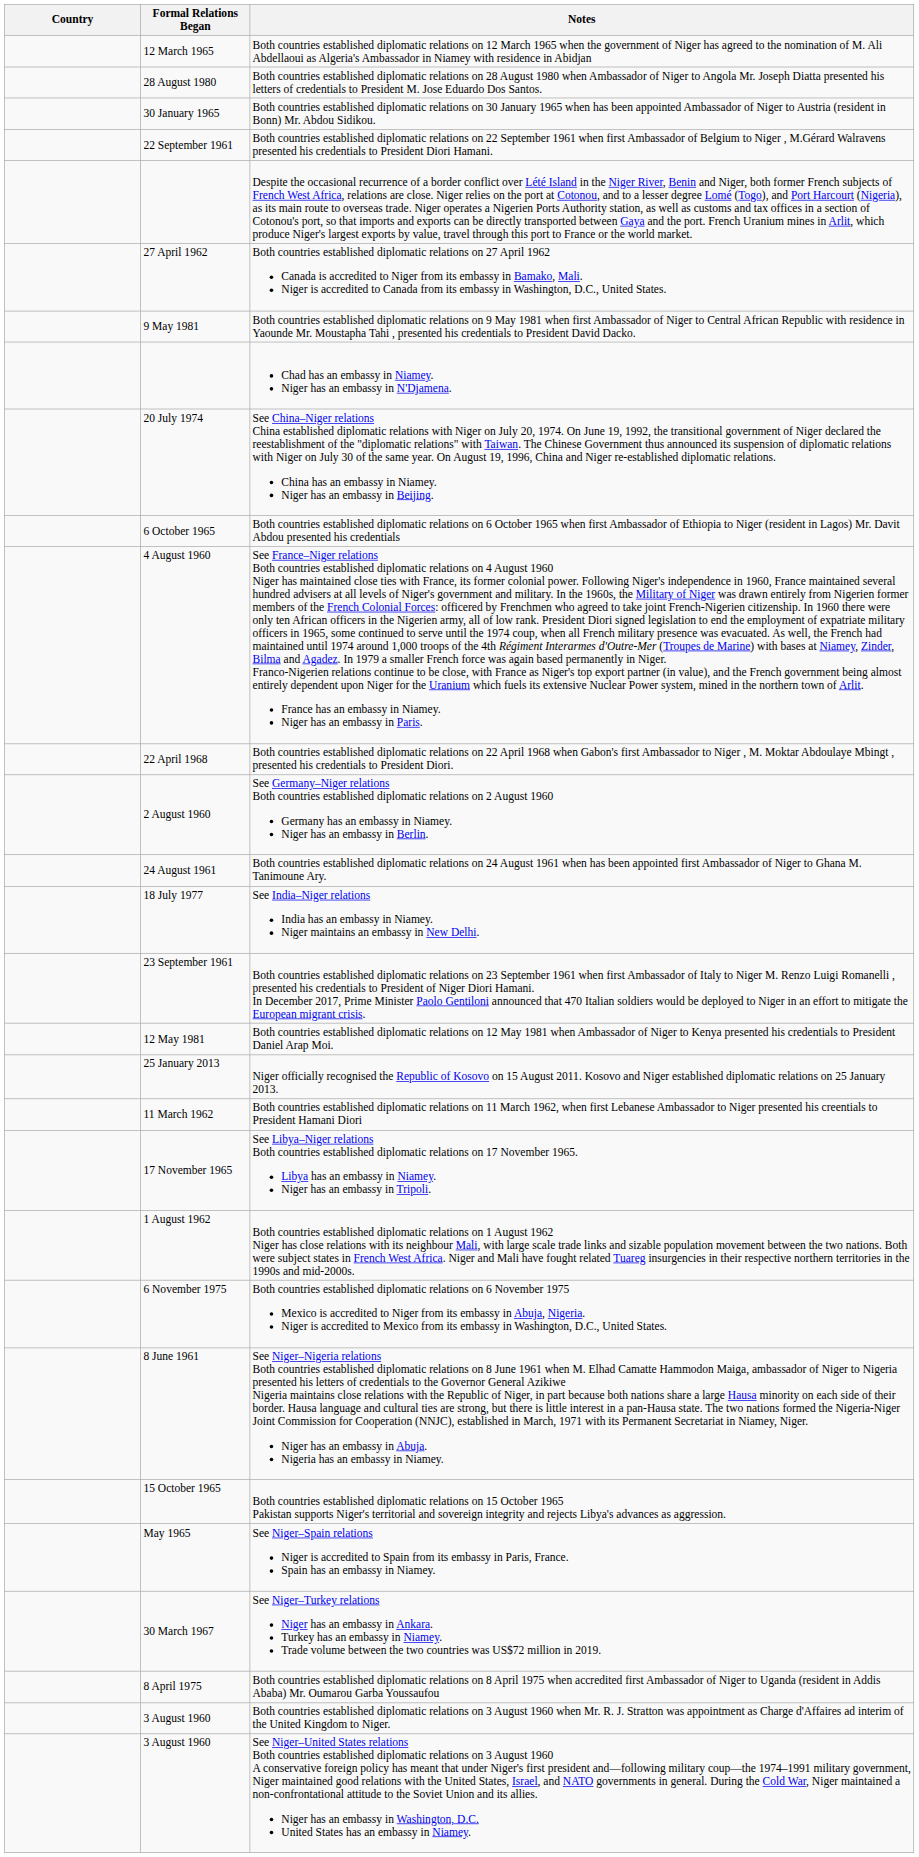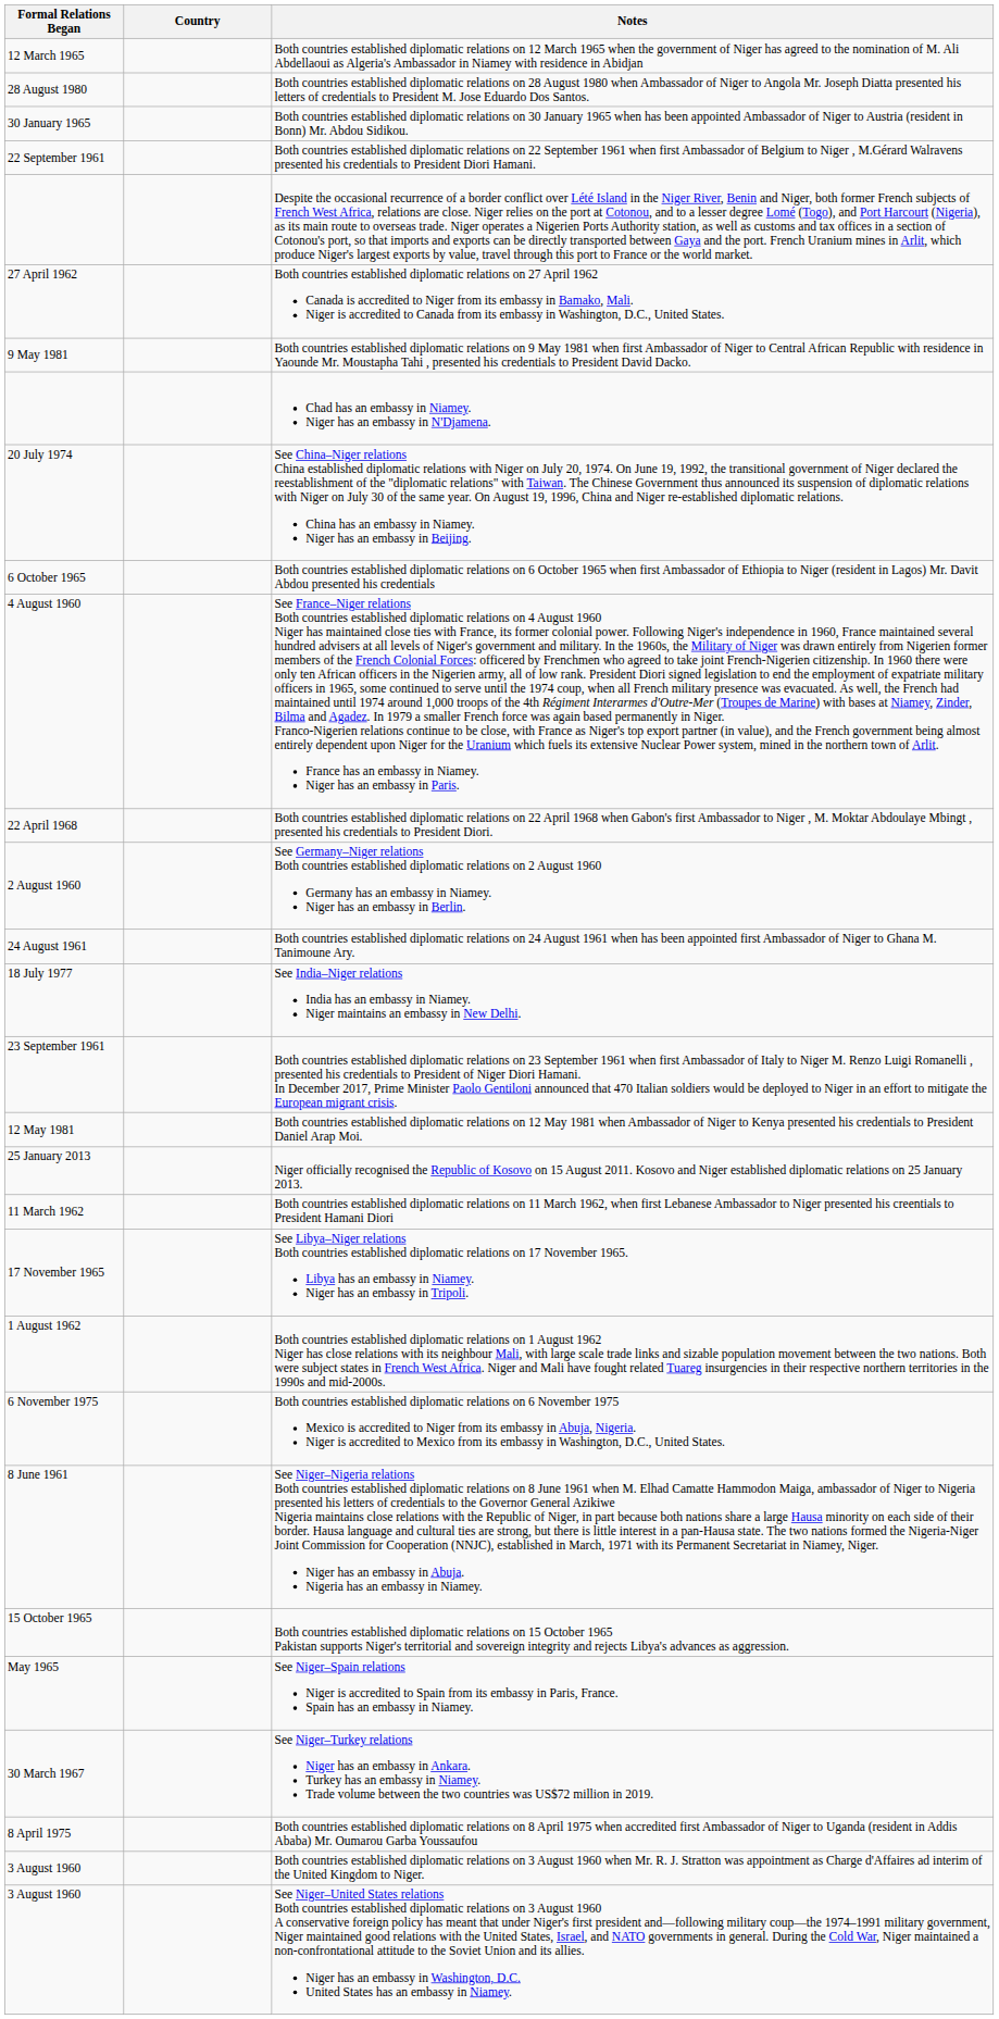 <table class="wikitable sortable" style="width:100%; margin:auto;">
 <tr>
+<th style="width:12%;">Formal Relations Began</th>
 <th style="width:15%;">Country</th>
-<th style="width:12%;">Formal Relations Began</th>
 <th>Notes</th>
 </tr>
 <tr>
+<td>12 March 1965</td>
 <td></td>
-<td>12 March 1965</td>
 <td>Both countries established diplomatic relations on 12 March 1965 when the government of Niger has agreed to the nomination of M. Ali Abdellaoui as Algeria's Ambassador in Niamey with residence in Abidjan</td>
 </tr>
 <tr>
+<td>28 August 1980</td>
 <td></td>
-<td>28 August 1980</td>
 <td>Both countries established diplomatic relations on 28 August 1980 when Ambassador of Niger to Angola Mr. Joseph Diatta presented his letters of credentials to President M. Jose Eduardo Dos Santos.</td>
 </tr>
 <tr>
+<td>30 January 1965</td>
 <td></td>
-<td>30 January 1965</td>
 <td>Both countries established diplomatic relations on 30 January 1965 when has been appointed Ambassador of Niger to Austria (resident in Bonn) Mr. Abdou Sidikou.</td>
 </tr>
 <tr>
+<td>22 September 1961</td>
 <td></td>
-<td>22 September 1961</td>
 <td>Both countries established diplomatic relations on 22 September 1961 when first Ambassador of Belgium to Niger , M.Gérard Walravens presented his credentials to President Diori Hamani.</td>
 </tr>
 <tr valign="top">
 <td></td>
 <td></td>
 <td><br>Despite the occasional recurrence of a border conflict over <a href='#'>Lété Island</a> in the <a href='#'>Niger River</a>, <a href='#'>Benin</a> and Niger, both former French subjects of <a href='#'>French West Africa</a>, relations are close.  Niger relies on the port at <a href='#'>Cotonou</a>, and to a lesser degree <a href='#'>Lomé</a> (<a href='#'>Togo</a>), and <a href='#'>Port Harcourt</a> (<a href='#'>Nigeria</a>), as its main route to overseas trade.  Niger operates a Nigerien Ports Authority station, as well as customs and tax offices in a section of Cotonou's port, so that imports and exports can be directly transported between <a href='#'>Gaya</a> and the port. French Uranium mines in <a href='#'>Arlit</a>, which produce Niger's largest exports by value, travel through this port to France or the world market.</td>
 </tr>
 <tr valign="top">
+<td>27 April 1962</td>
 <td></td>
-<td>27 April 1962</td>
 <td>Both countries established diplomatic relations on 27 April 1962<br><ul><li>Canada is accredited to Niger from its embassy in <a href='#'>Bamako</a>, <a href='#'>Mali</a>.</li><li>Niger is accredited to Canada from its embassy in Washington, D.C., United States.</li></ul></td>
 </tr>
 <tr>
+<td>9 May 1981</td>
 <td></td>
-<td>9 May 1981</td>
 <td>Both countries established diplomatic relations on 9 May 1981 when first Ambassador of Niger to Central African Republic with residence in Yaounde Mr. Moustapha Tahi , presented his credentials to President David Dacko.</td>
 </tr>
 <tr valign="top">
 <td></td>
 <td></td>
 <td><br><ul><li>Chad has an embassy in <a href='#'>Niamey</a>.</li><li>Niger has an embassy in <a href='#'>N'Djamena</a>.</li></ul></td>
 </tr>
 <tr valign="top">
+<td>20 July 1974</td>
 <td></td>
-<td>20 July 1974</td>
 <td>See <a href='#'>China–Niger relations</a><br>China established diplomatic relations with Niger on July 20, 1974. On June 19, 1992, the transitional government of Niger declared the reestablishment of the "diplomatic relations" with <a href='#'>Taiwan</a>. The Chinese Government thus announced its suspension of diplomatic relations with Niger on July 30 of the same year. On August 19, 1996, China and Niger re-established diplomatic relations.<ul><li>China has an embassy in Niamey.</li><li>Niger has an embassy in <a href='#'>Beijing</a>.</li></ul></td>
 </tr>
 <tr>
+<td>6 October 1965</td>
 <td></td>
-<td>6 October 1965</td>
 <td>Both countries established diplomatic relations on 6 October 1965 when first Ambassador of Ethiopia to Niger (resident in Lagos) Mr. Davit Abdou presented his credentials</td>
 </tr>
 <tr valign="top">
+<td>4 August 1960</td>
 <td></td>
-<td>4 August 1960</td>
 <td>See <a href='#'>France–Niger relations</a><br>Both countries established diplomatic relations on 4 August 1960<br>Niger has maintained close ties with France, its former colonial power. Following Niger's independence in 1960, France maintained several hundred advisers at all levels of Niger's government and military. In the 1960s, the <a href='#'>Military of Niger</a> was drawn entirely from Nigerien former members of the <a href='#'>French Colonial Forces</a>: officered by Frenchmen who agreed to take joint French-Nigerien citizenship.  In 1960 there were only ten African officers in the Nigerien army, all of low rank. President Diori signed legislation to end the employment of expatriate military officers in 1965, some continued to serve until the 1974 coup, when all French military presence was evacuated.  As well, the French had maintained until 1974 around 1,000 troops of the 4th <em>Régiment Interarmes d'Outre-Mer</em>  (<a href='#'>Troupes de Marine</a>) with bases at <a href='#'>Niamey</a>, <a href='#'>Zinder</a>, <a href='#'>Bilma</a> and <a href='#'>Agadez</a>. In 1979 a smaller French force was again based permanently in Niger.<br>Franco-Nigerien relations continue to be close, with France as Niger's top export partner (in value), and the French government being almost entirely dependent upon Niger for the <a href='#'>Uranium</a> which fuels its extensive Nuclear Power system, mined in the northern town of <a href='#'>Arlit</a>.<ul><li>France has an embassy in Niamey.</li><li>Niger has an embassy in <a href='#'>Paris</a>.</li></ul></td>
 </tr>
 <tr>
+<td>22 April 1968</td>
 <td></td>
-<td>22 April 1968</td>
 <td>Both countries established diplomatic relations on 22 April 1968 when Gabon's first Ambassador to Niger , M. Moktar Abdoulaye Mbingt , presented his credentials to President Diori.</td>
 </tr>
 <tr>
+<td>2 August 1960</td>
 <td></td>
-<td>2 August 1960</td>
 <td>See <a href='#'>Germany–Niger relations</a><br>Both countries established diplomatic relations on 2 August 1960<ul><li>Germany has an embassy in Niamey.</li><li>Niger has an embassy in <a href='#'>Berlin</a>.</li></ul></td>
 </tr>
 <tr>
+<td>24 August 1961</td>
 <td></td>
-<td>24 August 1961</td>
 <td>Both countries established diplomatic relations on 24 August 1961 when has been appointed first Ambassador of Niger to Ghana M. Tanimoune Ary.</td>
 </tr>
 <tr valign="top">
+<td>18 July 1977</td>
 <td></td>
-<td>18 July 1977</td>
 <td>See <a href='#'>India–Niger relations</a><br><ul><li>India has an embassy in Niamey.</li><li>Niger maintains an embassy in <a href='#'>New Delhi</a>.</li></ul></td>
 </tr>
 <tr valign="top">
+<td>23 September 1961</td>
 <td></td>
-<td>23 September 1961</td>
 <td><br>Both countries established diplomatic relations on 23 September 1961 when first Ambassador of Italy to Niger M. Renzo Luigi Romanelli , presented his credentials to President of Niger Diori Hamani.<br>In December 2017, Prime Minister <a href='#'>Paolo Gentiloni</a> announced that 470 Italian soldiers would be deployed to Niger in an effort to mitigate the <a href='#'>European migrant crisis</a>.</td>
 </tr>
 <tr>
+<td>12 May 1981</td>
 <td></td>
-<td>12 May 1981</td>
 <td>Both countries established diplomatic relations on 12 May 1981 when Ambassador of Niger to Kenya presented his credentials to President Daniel Arap Moi.</td>
 </tr>
 <tr valign="top">
+<td>25 January 2013</td>
 <td></td>
-<td>25 January 2013</td>
 <td><br>Niger officially recognised the <a href='#'>Republic of Kosovo</a> on 15 August 2011. Kosovo and Niger established diplomatic relations on 25 January 2013.</td>
 </tr>
 <tr>
+<td>11 March 1962</td>
 <td></td>
-<td>11 March 1962</td>
 <td>Both countries established diplomatic relations on 11 March 1962, when first Lebanese Ambassador to Niger presented his creentials to President Hamani Diori</td>
 </tr>
 <tr>
+<td>17 November 1965</td>
 <td></td>
-<td>17 November 1965</td>
 <td>See <a href='#'>Libya–Niger relations</a><br>Both countries established diplomatic relations on 17 November 1965.<ul><li><a href='#'>Libya</a> has an embassy in <a href='#'>Niamey</a>.</li><li>Niger has an embassy in <a href='#'>Tripoli</a>.</li></ul></td>
 </tr>
 <tr valign="top">
+<td>1 August 1962</td>
 <td></td>
-<td>1 August 1962</td>
 <td><br>Both countries established diplomatic relations on 1 August 1962<br>Niger has close relations with its neighbour <a href='#'>Mali</a>, with large scale trade links and sizable population movement between the two nations. Both were subject states in <a href='#'>French West Africa</a>. Niger and Mali have fought related <a href='#'>Tuareg</a> insurgencies in their respective northern territories in the 1990s and mid-2000s.<br></td>
 </tr>
 <tr valign="top">
+<td>6 November 1975</td>
 <td></td>
-<td>6 November 1975</td>
 <td>Both countries established diplomatic relations on 6 November 1975<br><ul><li>Mexico is accredited to Niger from its embassy in <a href='#'>Abuja</a>, <a href='#'>Nigeria</a>.</li><li>Niger is accredited to Mexico from its embassy in Washington, D.C., United States.</li></ul></td>
 </tr>
 <tr valign="top">
+<td>8 June 1961</td>
 <td></td>
-<td>8 June 1961</td>
 <td>See <a href='#'>Niger–Nigeria relations</a><br>Both countries established diplomatic relations on 8 June 1961 when M. Elhad Camatte Hammodon Maiga, ambassador of Niger to Nigeria presented his letters of credentials to the Governor General Azikiwe<br>Nigeria maintains close relations with the Republic of Niger, in part because both nations share a large <a href='#'>Hausa</a> minority on each side of their  border. Hausa language and cultural ties are strong, but there is little interest in a pan-Hausa state. The two nations formed the Nigeria-Niger Joint Commission for Cooperation (NNJC), established in March, 1971 with its Permanent Secretariat in Niamey, Niger.<ul><li>Niger has an embassy in <a href='#'>Abuja</a>.</li><li>Nigeria has an embassy in Niamey.</li></ul></td>
 </tr>
 <tr valign="top">
+<td>15 October 1965</td>
 <td></td>
-<td>15 October 1965</td>
 <td><br>Both countries established diplomatic relations on 15 October 1965<br>Pakistan supports Niger's territorial and sovereign integrity and rejects Libya's advances as aggression.</td>
 </tr>
 <tr valign="top">
+<td>May 1965</td>
 <td></td>
-<td>May 1965</td>
 <td>See <a href='#'>Niger–Spain relations</a><br><ul><li>Niger is accredited to Spain from its embassy in Paris, France.</li><li>Spain has an embassy in Niamey.</li></ul></td>
 </tr>
 <tr>
+<td>30 March 1967</td>
 <td></td>
-<td>30 March 1967</td>
 <td>See <a href='#'>Niger–Turkey relations</a><br><ul><li><a href='#'>Niger</a> has an embassy in <a href='#'>Ankara</a>.</li><li>Turkey has an embassy in <a href='#'>Niamey</a>.</li><li>Trade volume between the two countries was US$72 million in 2019.</li></ul></td>
 </tr>
 <tr>
+<td>8 April 1975</td>
 <td></td>
-<td>8 April 1975</td>
 <td>Both countries established diplomatic relations on 8 April 1975 when accredited first Ambassador of Niger to Uganda (resident in Addis Ababa) Mr. Oumarou Garba Youssaufou</td>
 </tr>
 <tr>
+<td>3 August 1960</td>
 <td></td>
-<td>3 August 1960</td>
 <td>Both countries established diplomatic relations on 3 August 1960 when Mr. R. J. Stratton was appointment as Charge d'Affaires ad interim of the United Kingdom to Niger.</td>
 </tr>
 <tr valign="top">
+<td>3 August 1960</td>
 <td></td>
-<td>3 August 1960</td>
 <td>See <a href='#'>Niger–United States relations</a><br>Both countries established diplomatic relations on 3 August 1960<br>A conservative foreign policy has meant that under Niger's first president and—following military coup—the 1974–1991 military government, Niger maintained good relations with the United States, <a href='#'>Israel</a>, and <a href='#'>NATO</a> governments in general. During the <a href='#'>Cold War</a>, Niger maintained a non-confrontational attitude to the Soviet Union and its allies.<ul><li>Niger has an embassy in <a href='#'>Washington, D.C.</a></li><li>United States has an embassy in <a href='#'>Niamey</a>.</li></ul></td>
 </tr>
 </table>
